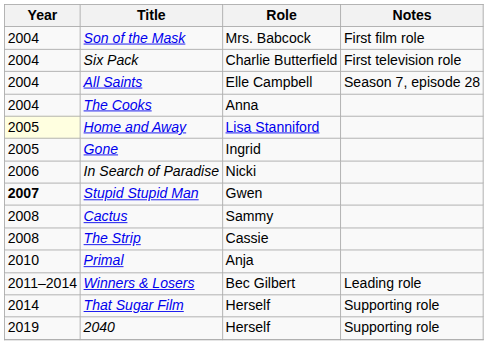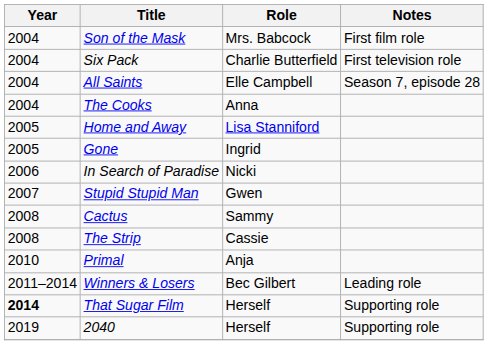 <table class="wikitable sortable">
 <tr>
 <th>Year</th>
 <th>Title</th>
 <th>Role</th>
 <th class="unsortable">Notes</th>
 </tr>
 <tr>
 <td>2004</td>
 <td><em><a href='#'>Son of the Mask</a></em></td>
 <td>Mrs. Babcock</td>
 <td>First film role</td>
 </tr>
 <tr>
 <td>2004</td>
 <td><em>Six Pack</em></td>
 <td>Charlie Butterfield</td>
 <td>First television role</td>
 </tr>
 <tr>
 <td>2004</td>
 <td><em><a href='#'>All Saints</a></em></td>
 <td>Elle Campbell</td>
 <td>Season 7, episode 28</td>
 </tr>
 <tr>
 <td>2004</td>
 <td><em><a href='#'>The Cooks</a></em></td>
 <td>Anna</td>
 <td></td>
 </tr>
 <tr>
-<td style="background: lightyellow;">2005</td>
+<td>2005</td>
 <td><em><a href='#'>Home and Away</a></em></td>
 <td><a href='#'>Lisa Stanniford</a></td>
 <td></td>
 </tr>
 <tr>
 <td>2005</td>
 <td><em><a href='#'>Gone</a></em></td>
 <td>Ingrid</td>
 <td></td>
 </tr>
 <tr>
 <td>2006</td>
 <td><em>In Search of Paradise</em></td>
 <td>Nicki</td>
 <td></td>
 </tr>
 <tr>
-<td><strong>2007</strong></td>
+<td>2007</td>
 <td><em><a href='#'>Stupid Stupid Man</a></em></td>
 <td>Gwen</td>
 <td></td>
 </tr>
 <tr>
 <td>2008</td>
 <td><em><a href='#'>Cactus</a></em></td>
 <td>Sammy</td>
 <td></td>
 </tr>
 <tr>
 <td>2008</td>
 <td><em><a href='#'>The Strip</a></em></td>
 <td>Cassie</td>
 <td></td>
 </tr>
 <tr>
 <td>2010</td>
 <td><em><a href='#'>Primal</a></em></td>
 <td>Anja</td>
 <td></td>
 </tr>
 <tr>
 <td>2011–2014</td>
 <td><em><a href='#'>Winners & Losers</a></em></td>
 <td>Bec Gilbert</td>
 <td>Leading role</td>
 </tr>
 <tr>
-<td>2014</td>
+<td><strong>2014</strong></td>
 <td><em><a href='#'>That Sugar Film</a></em></td>
 <td>Herself</td>
 <td>Supporting role</td>
 </tr>
 <tr>
 <td>2019</td>
 <td><em>2040</em></td>
 <td>Herself</td>
 <td>Supporting role</td>
 </tr>
 <tr>
 </tr>
 </table>
